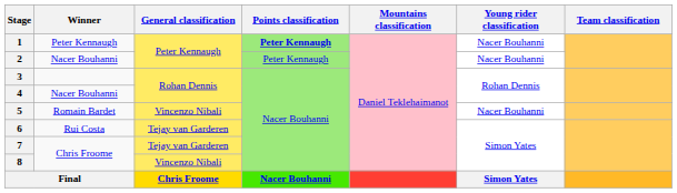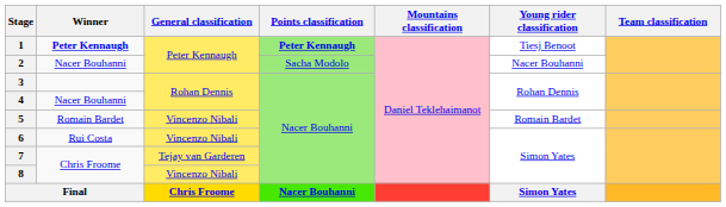 <table class="wikitable" style="text-align: center; font-size:smaller;">
 <tr style="background:#efefef;">
 <th scope="col" style="width:1%;">Stage</th>
 <th scope="col" style="width:14%;">Winner</th>
 <th scope="col" style="width:15%;"><a href='#'>General classification</a><br></th>
 <th scope="col" style="width:15%;"><a href='#'>Points classification</a><br></th>
 <th scope="col" style="width:15%;"><a href='#'>Mountains classification</a><br></th>
 <th scope="col" style="width:15%;"><a href='#'>Young rider classification</a><br></th>
 <th scope="col" style="width:15%;"><a href='#'>Team classification</a><br></th>
 </tr>
 <tr>
 <th scope="row">1</th>
-<td><a href='#'>Peter Kennaugh</a></td>
+<td><strong><a href='#'>Peter Kennaugh</a></strong></td>
 <td style="background:#FFEB64;" rowspan="2"><a href='#'>Peter Kennaugh</a></td>
 <td style="background:#9CE97B;"><strong><a href='#'>Peter Kennaugh</a></strong></td>
 <td style="background:pink" rowspan="8"><a href='#'>Daniel Teklehaimanot</a></td>
-<td style="background:white;"><a href='#'>Nacer Bouhanni</a></td>
+<td style="background:white;"><a href='#'>Tiesj Benoot</a></td>
 <td style="background:#FFCD5F;" rowspan="2"></td>
 </tr>
 <tr>
 <th scope="row">2</th>
 <td><a href='#'>Nacer Bouhanni</a></td>
-<td style="background:#9CE97B;"><a href='#'>Peter Kennaugh</a></td>
+<td style="background:#9CE97B;"><a href='#'>Sacha Modolo</a></td>
 <td style="background:white;"><a href='#'>Nacer Bouhanni</a></td>
 </tr>
 <tr>
 <th scope="row">3</th>
 <td></td>
 <td style="background:#FFEB64;" rowspan="2"><a href='#'>Rohan Dennis</a></td>
 <td style="background:#9CE97B;" rowspan="6"><a href='#'>Nacer Bouhanni</a></td>
 <td style="background:white;" rowspan="2"><a href='#'>Rohan Dennis</a></td>
 <td style="background:#FFCD5F;" rowspan="2"></td>
 </tr>
 <tr>
 <th scope="row">4</th>
 <td><a href='#'>Nacer Bouhanni</a></td>
 </tr>
 <tr>
 <th scope="row">5</th>
 <td><a href='#'>Romain Bardet</a></td>
 <td style="background:#FFEB64;"><a href='#'>Vincenzo Nibali</a></td>
-<td style="background:white;"><a href='#'>Nacer Bouhanni</a></td>
+<td style="background:white;"><a href='#'>Romain Bardet</a></td>
 <td style="background:#FFCD5F;"></td>
 </tr>
 <tr>
 <th scope="row">6</th>
 <td><a href='#'>Rui Costa</a></td>
-<td style="background:#FFEB64;"><a href='#'>Tejay van Garderen</a></td>
+<td style="background:#FFEB64;"><a href='#'>Vincenzo Nibali</a></td>
 <td style="background:white;" rowspan="3"><a href='#'>Simon Yates</a></td>
 <td style="background:#FFCD5F;" rowspan="3"></td>
 </tr>
 <tr>
 <th scope="row">7</th>
 <td rowspan="2"><a href='#'>Chris Froome</a></td>
 <td style="background:#FFEB64;"><a href='#'>Tejay van Garderen</a></td>
 </tr>
 <tr>
 <th scope="row">8</th>
 <td style="background:#FFEB64;"><a href='#'>Vincenzo Nibali</a></td>
 </tr>
 <tr>
 <th scope="row" colspan="2">Final</th>
 <th style="background:#FFDB00;"><a href='#'>Chris Froome</a></th>
 <th style="background:#46E800;"><a href='#'>Nacer Bouhanni</a></th>
 <th style="background:#FF3E33;"></th>
 <th style="background:offwhite;"><a href='#'>Simon Yates</a></th>
 <th style="background:#FFB927;"></th>
 </tr>
 </table>
